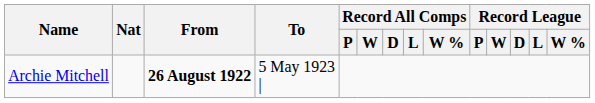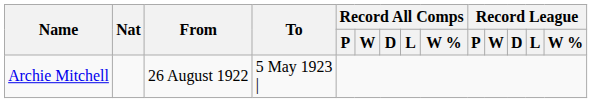 <table class="wikitable" style="text-align: center">
 <tr>
 <th rowspan="2">Name</th>
 <th rowspan="2">Nat</th>
 <th rowspan="2">From</th>
 <th rowspan="2">To</th>
 <th colspan="5">Record All Comps</th>
 <th colspan="5">Record League</th>
 </tr>
 <tr>
 <th>P</th>
 <th>W</th>
 <th>D</th>
 <th>L</th>
 <th>W %</th>
 <th>P</th>
 <th>W</th>
 <th>D</th>
 <th>L</th>
 <th>W %</th>
 </tr>
 <tr>
 <td align=left><a href='#'>Archie Mitchell</a></td>
 <td></td>
-<td align=left><strong>26 August 1922</strong></td>
+<td align=left>26 August 1922</td>
 <td align=left>5 May 1923<br>|</td>
 </tr>
 </table>
